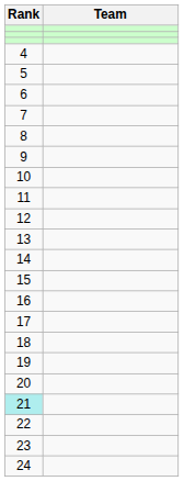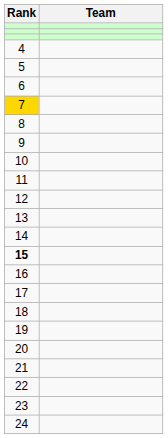 <table class=wikitable style="text-align:center;">
 <tr>
 <th>Rank</th>
 <th width=160>Team</th>
 </tr>
 <tr bgcolor=#ccffcc>
 <td></td>
 <td align=left></td>
 </tr>
 <tr bgcolor=#ccffcc>
 <td></td>
 <td align=left></td>
 </tr>
 <tr bgcolor=#ccffcc>
 <td></td>
 <td align=left></td>
 </tr>
 <tr>
 <td>4</td>
 <td align=left></td>
 </tr>
 <tr>
 <td>5</td>
 <td align=left></td>
 </tr>
 <tr>
 <td>6</td>
 <td align=left></td>
 </tr>
 <tr>
-<td>7</td>
+<td style="background: gold;">7</td>
 <td align=left></td>
 </tr>
 <tr>
 <td>8</td>
 <td align=left></td>
 </tr>
 <tr>
 <td>9</td>
 <td align=left></td>
 </tr>
 <tr>
 <td>10</td>
 <td align=left></td>
 </tr>
 <tr>
 <td>11</td>
 <td align=left></td>
 </tr>
 <tr>
 <td>12</td>
 <td align=left></td>
 </tr>
 <tr>
 <td>13</td>
 <td align=left></td>
 </tr>
 <tr>
 <td>14</td>
 <td align=left></td>
 </tr>
 <tr>
-<td>15</td>
+<td><strong>15</strong></td>
 <td align=left></td>
 </tr>
 <tr>
 <td>16</td>
 <td align=left></td>
 </tr>
 <tr>
 <td>17</td>
 <td align=left></td>
 </tr>
 <tr>
 <td>18</td>
 <td align=left></td>
 </tr>
 <tr>
 <td>19</td>
 <td align=left></td>
 </tr>
 <tr>
 <td>20</td>
 <td align=left></td>
 </tr>
 <tr>
-<td style="background: paleturquoise;">21</td>
+<td>21</td>
 <td align=left></td>
 </tr>
 <tr>
 <td>22</td>
 <td align=left></td>
 </tr>
 <tr>
 <td>23</td>
 <td align=left></td>
 </tr>
 <tr>
 <td>24</td>
 <td align=left></td>
 </tr>
 </table>
